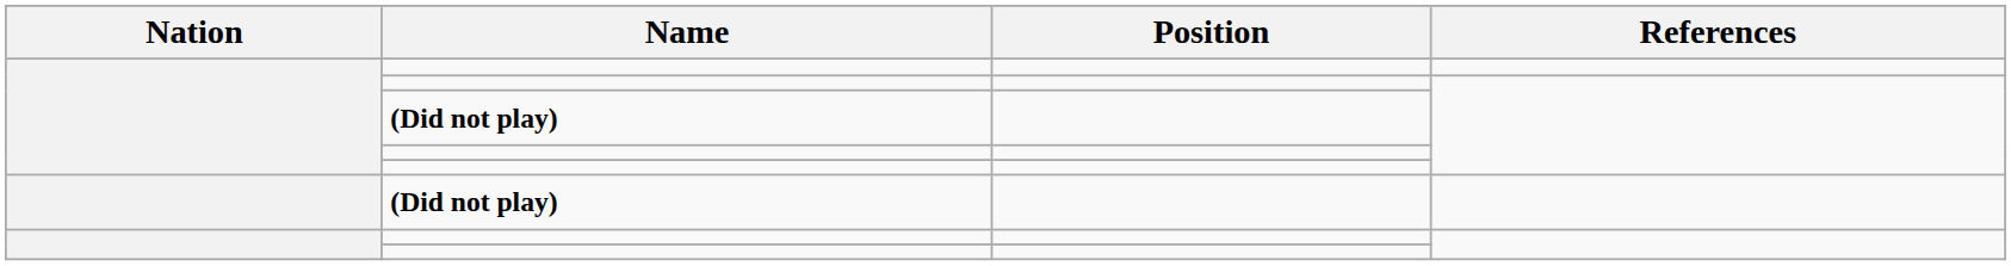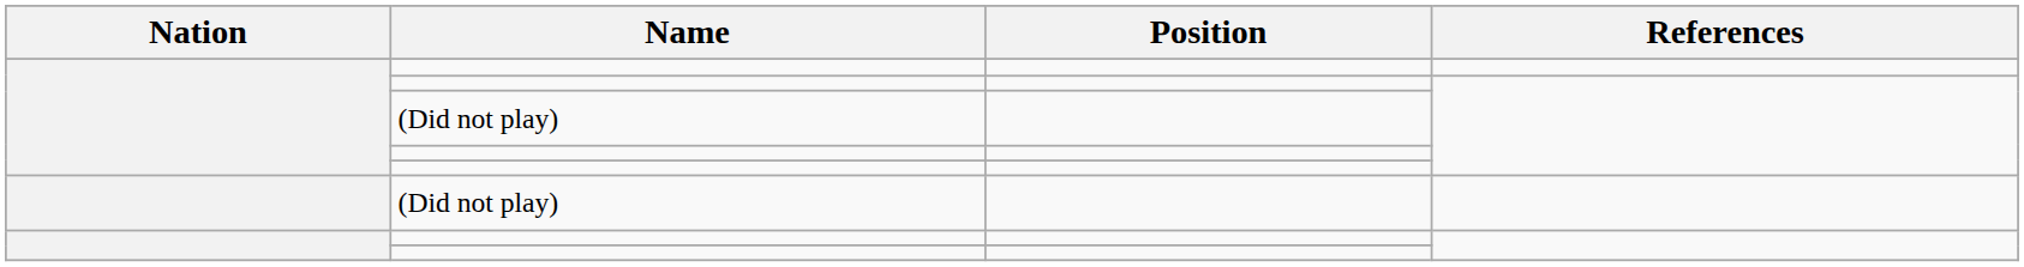 <table class="wikitable sortable" width="75%">
 <tr>
 <th scope="col">Nation</th>
 <th scope="col">Name</th>
 <th scope="col">Position</th>
 <th scope="col" class="unsortable">References</th>
 </tr>
 <tr>
 <th scope="row" rowspan="5"></th>
 <td></td>
 <td></td>
 <td></td>
 </tr>
 <tr>
 <td></td>
 <td></td>
 <td rowspan="4"></td>
 </tr>
 <tr>
-<td><strong>  <small>(Did not play)</small></strong></td>
+<td>  <small>(Did not play)</small></td>
 <td></td>
 </tr>
 <tr>
 <td></td>
 <td></td>
 </tr>
 <tr>
 <td></td>
 <td></td>
 </tr>
 <tr>
 <th scope="row"></th>
-<td><strong> <small>(Did not play)</small></strong></td>
+<td> <small>(Did not play)</small></td>
 <td></td>
 <td></td>
 </tr>
 <tr>
 <th scope="row" rowspan="2"></th>
 <td></td>
 <td></td>
 <td rowspan="2"></td>
 </tr>
 <tr>
 <td></td>
 <td></td>
 </tr>
 </table>
